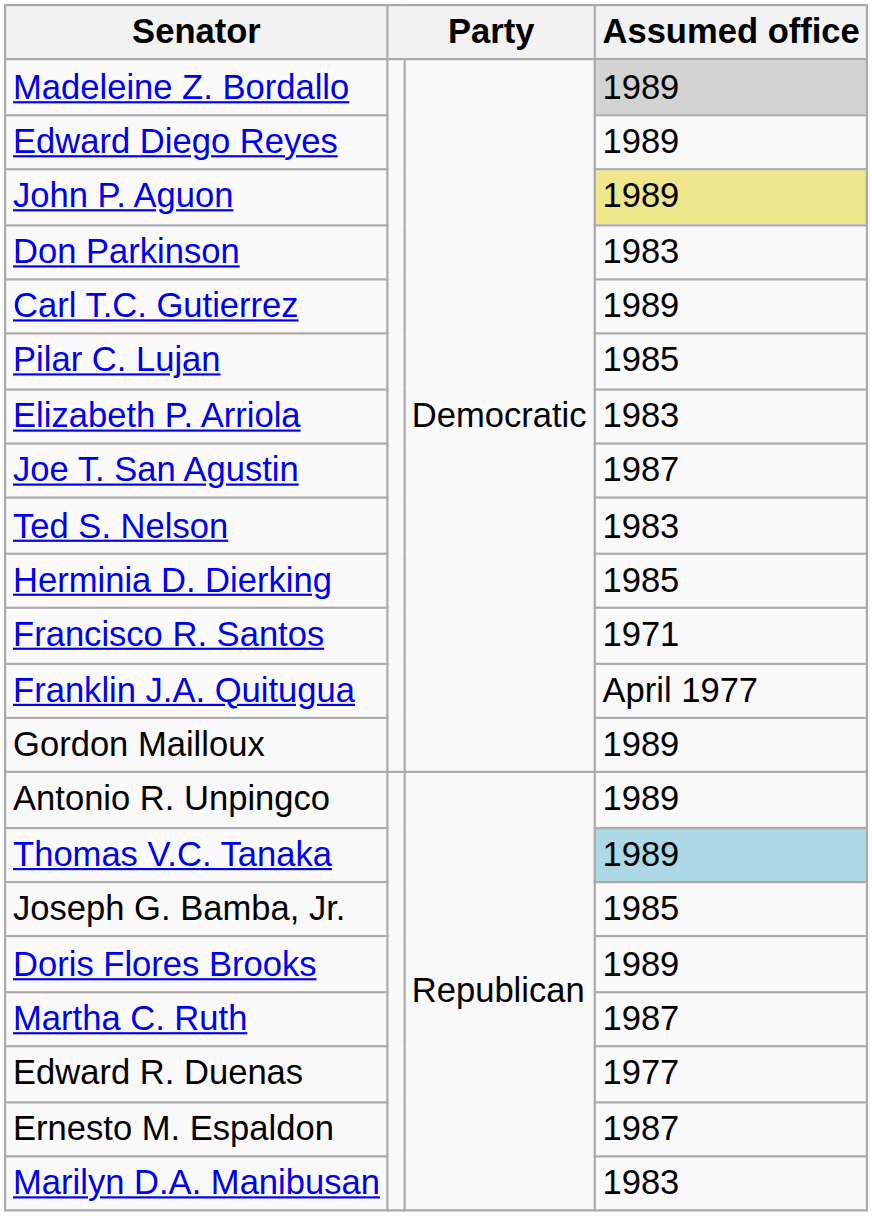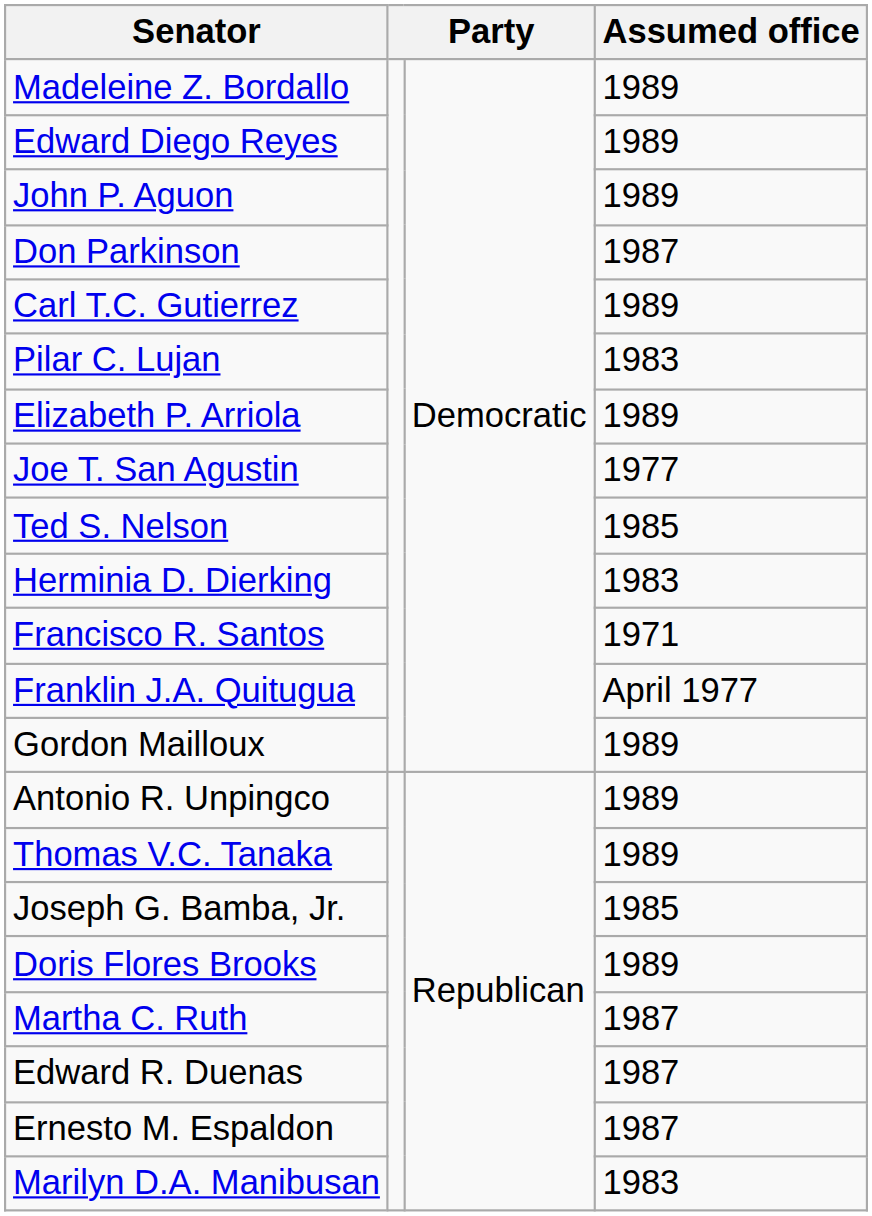 <table class="wikitable sortable" id="votingmembers">
 <tr style="vertical-align:bottom;">
 <th>Senator</th>
 <th colspan=2>Party</th>
 <th>Assumed office</th>
 </tr>
 <tr>
 <td><a href='#'>Madeleine Z. Bordallo</a></td>
 <td rowspan="13" style="background-color:"></td>
 <td rowspan="13">Democratic</td>
-<td style="background: lightgrey;">1989</td>
+<td>1989</td>
 </tr>
 <tr>
 <td><a href='#'>Edward Diego Reyes</a></td>
 <td>1989</td>
 </tr>
 <tr>
 <td><a href='#'>John P. Aguon</a></td>
-<td style="background: khaki;">1989</td>
+<td>1989</td>
 </tr>
 <tr>
 <td><a href='#'>Don Parkinson</a></td>
-<td>1983</td>
+<td>1987</td>
 </tr>
 <tr>
 <td><a href='#'>Carl T.C. Gutierrez</a></td>
 <td>1989</td>
 </tr>
 <tr>
 <td><a href='#'>Pilar C. Lujan</a></td>
+<td>1983</td>
+</tr>
+<tr>
+<td><a href='#'>Elizabeth P. Arriola</a></td>
+<td>1989</td>
+</tr>
+<tr>
+<td><a href='#'>Joe T. San Agustin</a></td>
+<td>1977</td>
+</tr>
+<tr>
+<td><a href='#'>Ted S. Nelson</a></td>
 <td>1985</td>
 </tr>
 <tr>
-<td><a href='#'>Elizabeth P. Arriola</a></td>
+<td><a href='#'>Herminia D. Dierking</a></td>
 <td>1983</td>
-</tr>
-<tr>
-<td><a href='#'>Joe T. San Agustin</a></td>
-<td>1987</td>
-</tr>
-<tr>
-<td><a href='#'>Ted S. Nelson</a></td>
-<td>1983</td>
-</tr>
-<tr>
-<td><a href='#'>Herminia D. Dierking</a></td>
-<td>1985</td>
 </tr>
 <tr>
 <td><a href='#'>Francisco R. Santos</a></td>
 <td>1971</td>
 </tr>
 <tr>
 <td><a href='#'>Franklin J.A. Quitugua</a></td>
 <td>April 1977</td>
 </tr>
 <tr>
 <td>Gordon Mailloux</td>
 <td>1989</td>
 </tr>
 <tr>
 <td>Antonio R. Unpingco</td>
 <td rowspan="8" style="background-color:"></td>
 <td rowspan="8">Republican</td>
 <td>1989</td>
 </tr>
 <tr>
 <td><a href='#'>Thomas V.C. Tanaka</a></td>
-<td style="background: lightblue;">1989</td>
+<td>1989</td>
 </tr>
 <tr>
 <td>Joseph G. Bamba, Jr.</td>
 <td>1985</td>
 </tr>
 <tr>
 <td><a href='#'>Doris Flores Brooks</a></td>
 <td>1989</td>
 </tr>
 <tr>
 <td><a href='#'>Martha C. Ruth</a></td>
 <td>1987</td>
 </tr>
 <tr>
 <td>Edward R. Duenas</td>
-<td>1977</td>
+<td>1987</td>
 </tr>
 <tr>
 <td>Ernesto M. Espaldon</td>
 <td>1987</td>
 </tr>
 <tr>
 <td><a href='#'>Marilyn D.A. Manibusan</a></td>
 <td>1983</td>
 </tr>
 </table>
